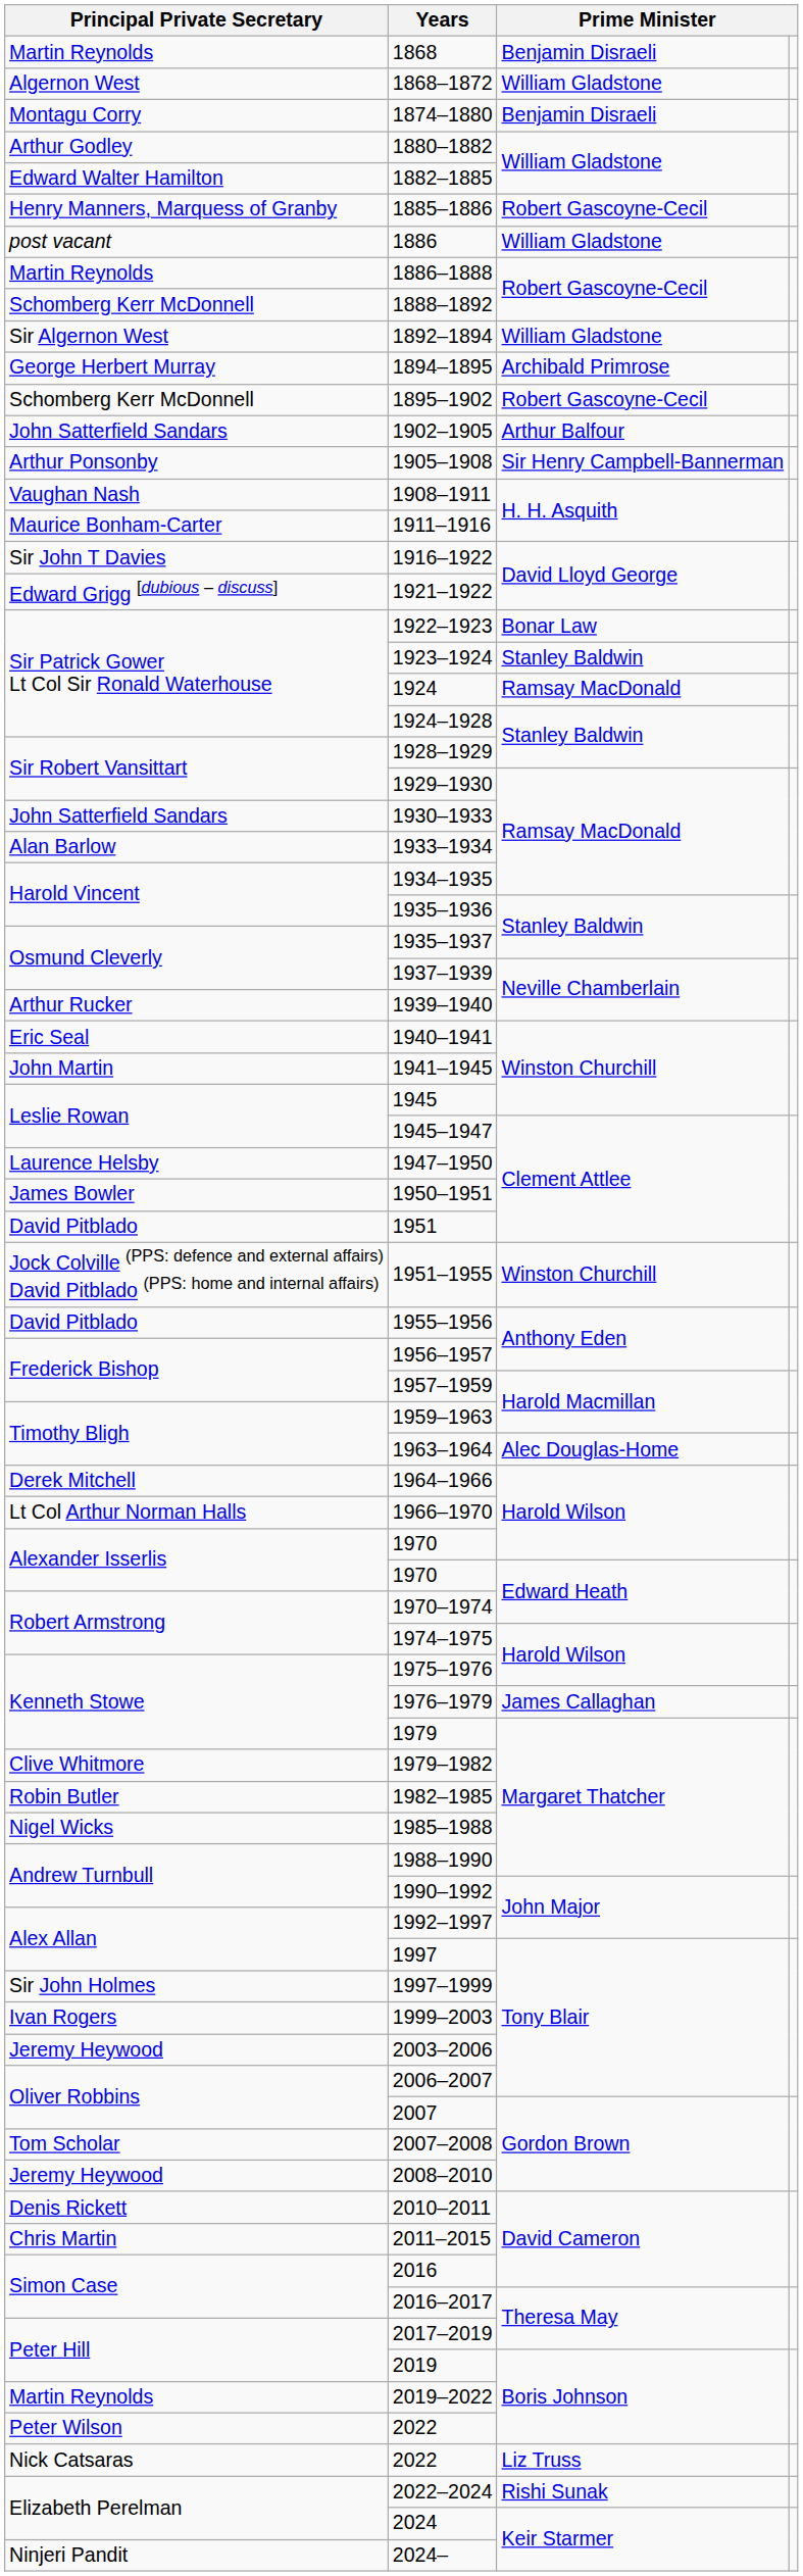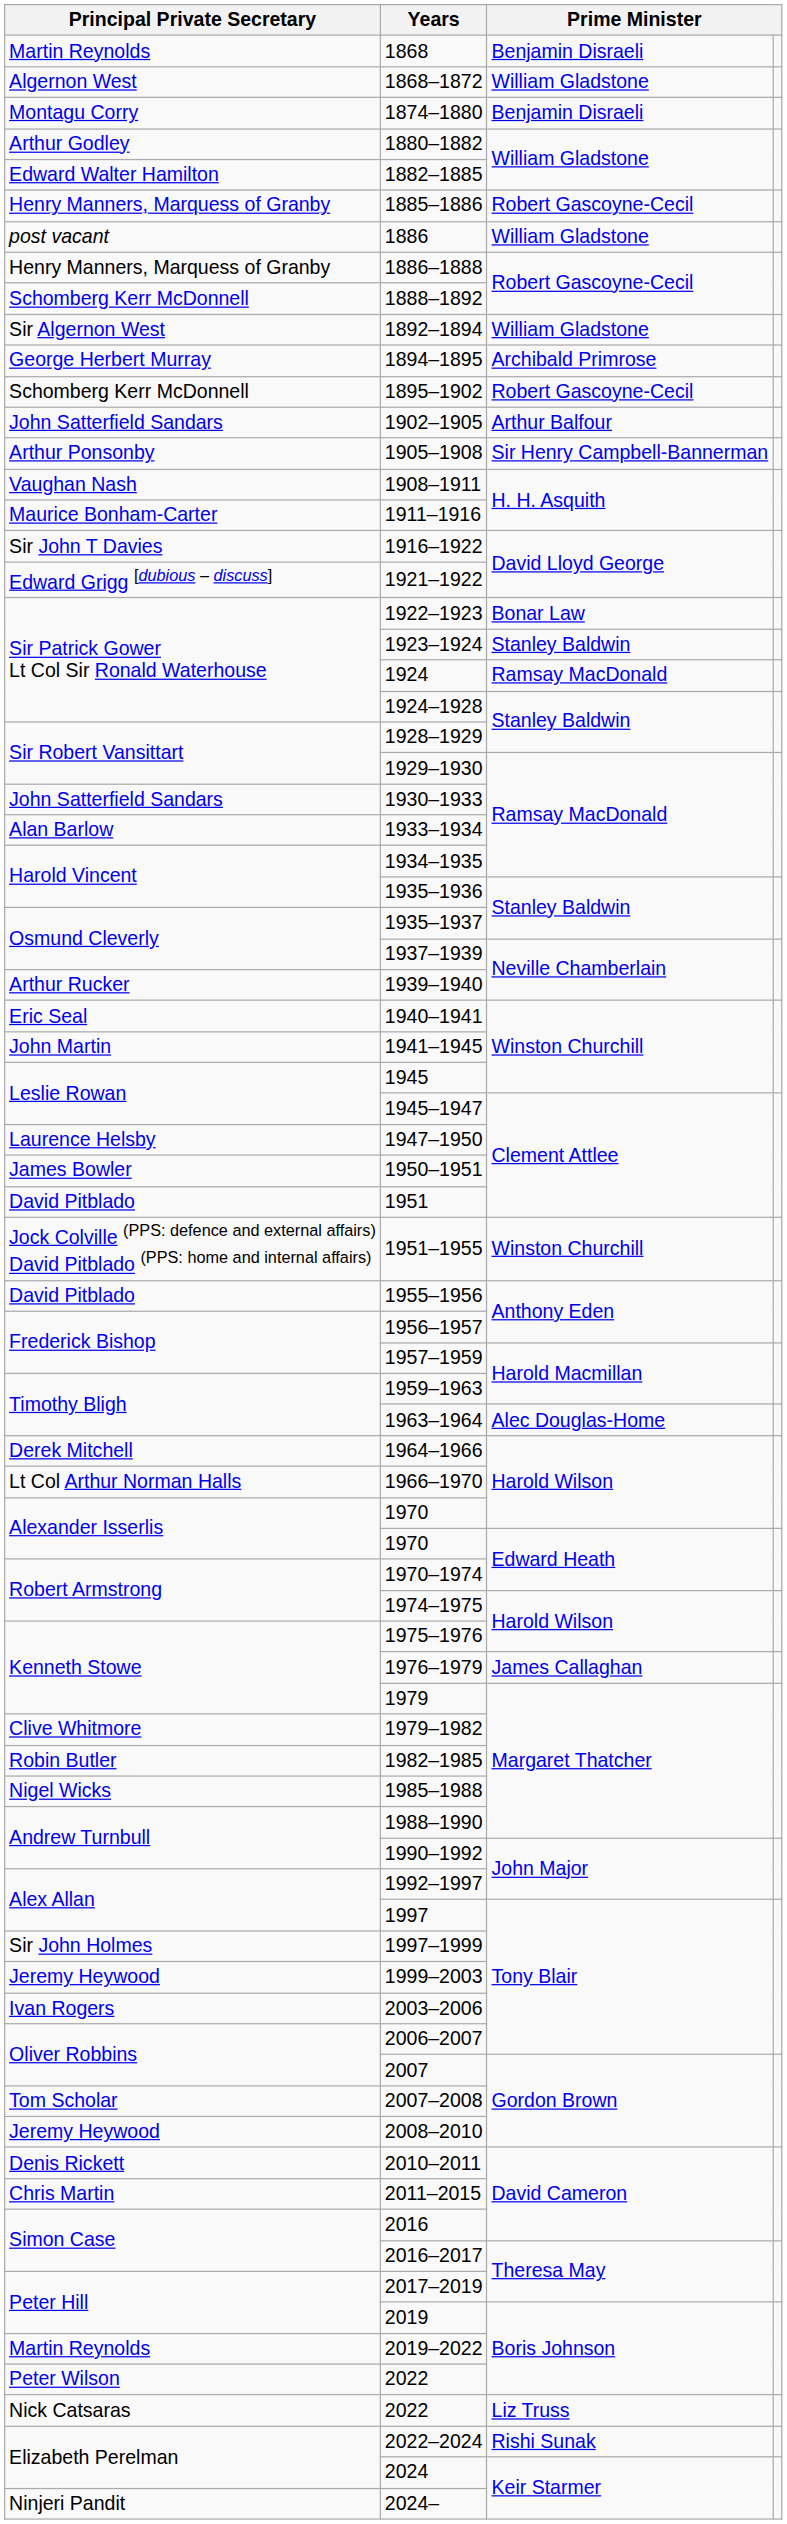 <table class="wikitable">
 <tr>
 <th>Principal Private Secretary</th>
 <th>Years</th>
 <th colspan="2">Prime Minister</th>
 </tr>
 <tr>
 <td><a href='#'>Martin Reynolds</a></td>
 <td>1868</td>
 <td><a href='#'>Benjamin Disraeli</a></td>
 <td style="background-color: "></td>
 </tr>
 <tr>
 <td><a href='#'>Algernon West</a></td>
 <td>1868–1872</td>
 <td><a href='#'>William Gladstone</a></td>
 <td style="background-color: "></td>
 </tr>
 <tr>
 <td><a href='#'>Montagu Corry</a></td>
 <td>1874–1880</td>
 <td><a href='#'>Benjamin Disraeli</a></td>
 <td style="background-color: "></td>
 </tr>
 <tr>
 <td><a href='#'>Arthur Godley</a></td>
 <td>1880–1882</td>
 <td rowspan="2"><a href='#'>William Gladstone</a></td>
 <td rowspan="2" style="background-color: "></td>
 </tr>
 <tr>
 <td><a href='#'>Edward Walter Hamilton</a></td>
 <td>1882–1885</td>
 </tr>
 <tr>
 <td><a href='#'>Henry Manners, Marquess of Granby</a></td>
 <td>1885–1886</td>
 <td><a href='#'>Robert Gascoyne-Cecil</a></td>
 <td style="background-color: "></td>
 </tr>
 <tr>
 <td><em>post vacant</em></td>
 <td>1886</td>
 <td><a href='#'>William Gladstone</a></td>
 <td style="background-color: "></td>
 </tr>
 <tr>
-<td><a href='#'>Martin Reynolds</a></td>
+<td>Henry Manners, Marquess of Granby</td>
 <td>1886–1888</td>
 <td rowspan="2"><a href='#'>Robert Gascoyne-Cecil</a></td>
 <td rowspan="2" style="background-color: "></td>
 </tr>
 <tr>
 <td><a href='#'>Schomberg Kerr McDonnell</a></td>
 <td>1888–1892</td>
 </tr>
 <tr>
 <td>Sir <a href='#'>Algernon West</a></td>
 <td>1892–1894</td>
 <td><a href='#'>William Gladstone</a></td>
 <td style="background-color: "></td>
 </tr>
 <tr>
 <td><a href='#'>George Herbert Murray</a></td>
 <td>1894–1895</td>
 <td><a href='#'>Archibald Primrose</a></td>
 <td style="background-color: "></td>
 </tr>
 <tr>
 <td>Schomberg Kerr McDonnell</td>
 <td>1895–1902</td>
 <td><a href='#'>Robert Gascoyne-Cecil</a></td>
 <td style="background-color: "></td>
 </tr>
 <tr>
 <td><a href='#'>John Satterfield Sandars</a></td>
 <td>1902–1905</td>
 <td><a href='#'>Arthur Balfour</a></td>
 <td style="background-color: "></td>
 </tr>
 <tr>
 <td><a href='#'>Arthur Ponsonby</a></td>
 <td>1905–1908</td>
 <td><a href='#'>Sir Henry Campbell-Bannerman</a></td>
 <td style="background-color: "></td>
 </tr>
 <tr>
 <td><a href='#'>Vaughan Nash</a></td>
 <td>1908–1911</td>
 <td rowspan="2"><a href='#'>H. H. Asquith</a></td>
 <td rowspan="2" style="background-color: "></td>
 </tr>
 <tr>
 <td><a href='#'>Maurice Bonham-Carter</a></td>
 <td>1911–1916</td>
 </tr>
 <tr>
 <td>Sir <a href='#'>John T Davies</a></td>
 <td>1916–1922</td>
 <td rowspan="2"><a href='#'>David Lloyd George</a></td>
 <td rowspan="2" style="background-color: "></td>
 </tr>
 <tr>
 <td><a href='#'>Edward Grigg</a> <sup>[<em><a href='#'>dubious</a> – <a href='#'>discuss</a></em>]</sup></td>
 <td>1921–1922</td>
 </tr>
 <tr>
 <td rowspan="4"><a href='#'>Sir Patrick Gower</a> <br> Lt Col Sir <a href='#'>Ronald Waterhouse</a></td>
 <td>1922–1923</td>
 <td><a href='#'>Bonar Law</a></td>
 <td style="background-color: "></td>
 </tr>
 <tr>
 <td>1923–1924</td>
 <td><a href='#'>Stanley Baldwin</a></td>
 <td style="background-color: "></td>
 </tr>
 <tr>
 <td>1924</td>
 <td><a href='#'>Ramsay MacDonald</a></td>
 <td style="background-color: "></td>
 </tr>
 <tr>
 <td>1924–1928</td>
 <td rowspan="2"><a href='#'>Stanley Baldwin</a></td>
 <td rowspan="2" style="background-color: "></td>
 </tr>
 <tr>
 <td rowspan="2"><a href='#'>Sir Robert Vansittart</a></td>
 <td>1928–1929</td>
 </tr>
 <tr>
 <td>1929–1930</td>
 <td rowspan="4"><a href='#'>Ramsay MacDonald</a></td>
 <td rowspan="4" style="background-color: "></td>
 </tr>
 <tr>
 <td><a href='#'>John Satterfield Sandars</a></td>
 <td>1930–1933</td>
 </tr>
 <tr>
 <td><a href='#'>Alan Barlow</a></td>
 <td>1933–1934</td>
 </tr>
 <tr>
 <td rowspan="2"><a href='#'>Harold Vincent</a></td>
 <td>1934–1935</td>
 </tr>
 <tr>
 <td>1935–1936</td>
 <td rowspan="2"><a href='#'>Stanley Baldwin</a></td>
 <td rowspan="2" style="background-color: "></td>
 </tr>
 <tr>
 <td rowspan="2"><a href='#'>Osmund Cleverly</a></td>
 <td>1935–1937</td>
 </tr>
 <tr>
 <td>1937–1939</td>
 <td rowspan="2"><a href='#'>Neville Chamberlain</a></td>
 <td rowspan="2" style="background-color: "></td>
 </tr>
 <tr>
 <td><a href='#'>Arthur Rucker</a></td>
 <td>1939–1940</td>
 </tr>
 <tr>
 <td><a href='#'>Eric Seal</a></td>
 <td>1940–1941</td>
 <td rowspan="3"><a href='#'>Winston Churchill</a></td>
 <td rowspan="3" style="background-color: "></td>
 </tr>
 <tr>
 <td><a href='#'>John Martin</a></td>
 <td>1941–1945</td>
 </tr>
 <tr>
 <td rowspan="2"><a href='#'>Leslie Rowan</a></td>
 <td>1945</td>
 </tr>
 <tr>
 <td>1945–1947</td>
 <td rowspan="4"><a href='#'>Clement Attlee</a></td>
 <td rowspan="4" style="background-color: "></td>
 </tr>
 <tr>
 <td><a href='#'>Laurence Helsby</a></td>
 <td>1947–1950</td>
 </tr>
 <tr>
 <td><a href='#'>James Bowler</a></td>
 <td>1950–1951</td>
 </tr>
 <tr>
 <td><a href='#'>David Pitblado</a></td>
 <td>1951</td>
 </tr>
 <tr>
 <td><a href='#'>Jock Colville</a> <sup>(PPS: defence and external affairs)</sup><br><a href='#'>David Pitblado</a> <sup>(PPS: home and internal affairs)</sup></td>
 <td>1951–1955</td>
 <td><a href='#'>Winston Churchill</a></td>
 <td style="background-color: "></td>
 </tr>
 <tr>
 <td><a href='#'>David Pitblado</a></td>
 <td>1955–1956</td>
 <td rowspan="2"><a href='#'>Anthony Eden</a></td>
 <td rowspan="2" style="background-color: "></td>
 </tr>
 <tr>
 <td rowspan="2"><a href='#'>Frederick Bishop</a></td>
 <td>1956–1957</td>
 </tr>
 <tr>
 <td>1957–1959</td>
 <td rowspan="2"><a href='#'>Harold Macmillan</a></td>
 <td rowspan="2" style="background-color: "></td>
 </tr>
 <tr>
 <td rowspan="2"><a href='#'>Timothy Bligh</a></td>
 <td>1959–1963</td>
 </tr>
 <tr>
 <td>1963–1964</td>
 <td><a href='#'>Alec Douglas-Home</a></td>
 <td style="background-color: "></td>
 </tr>
 <tr>
 <td><a href='#'>Derek Mitchell</a></td>
 <td>1964–1966</td>
 <td rowspan="3"><a href='#'>Harold Wilson</a></td>
 <td rowspan="3" style="background-color: "></td>
 </tr>
 <tr>
 <td>Lt Col <a href='#'>Arthur Norman Halls</a></td>
 <td>1966–1970</td>
 </tr>
 <tr>
 <td rowspan="2"><a href='#'>Alexander Isserlis</a></td>
 <td>1970</td>
 </tr>
 <tr>
 <td>1970</td>
 <td rowspan="2"><a href='#'>Edward Heath</a></td>
 <td rowspan="2" style="background-color: "></td>
 </tr>
 <tr>
 <td rowspan="2"><a href='#'>Robert Armstrong</a></td>
 <td>1970–1974</td>
 </tr>
 <tr>
 <td>1974–1975</td>
 <td rowspan="2"><a href='#'>Harold Wilson</a></td>
 <td rowspan="2" style="background-color: "></td>
 </tr>
 <tr>
 <td rowspan="3"><a href='#'>Kenneth Stowe</a></td>
 <td>1975–1976</td>
 </tr>
 <tr>
 <td>1976–1979</td>
 <td><a href='#'>James Callaghan</a></td>
 <td style="background-color: "></td>
 </tr>
 <tr>
 <td>1979</td>
 <td rowspan="5"><a href='#'>Margaret Thatcher</a></td>
 <td rowspan="5" style="background-color: "></td>
 </tr>
 <tr>
 <td><a href='#'>Clive Whitmore</a></td>
 <td>1979–1982</td>
 </tr>
 <tr>
 <td><a href='#'>Robin Butler</a></td>
 <td>1982–1985</td>
 </tr>
 <tr>
 <td><a href='#'>Nigel Wicks</a></td>
 <td>1985–1988</td>
 </tr>
 <tr>
 <td rowspan="2"><a href='#'>Andrew Turnbull</a></td>
 <td>1988–1990</td>
 </tr>
 <tr>
 <td>1990–1992</td>
 <td rowspan="2"><a href='#'>John Major</a></td>
 <td rowspan="2" style="background-color: "></td>
 </tr>
 <tr>
 <td rowspan="2"><a href='#'>Alex Allan</a></td>
 <td>1992–1997</td>
 </tr>
 <tr>
 <td>1997</td>
 <td rowspan="5"><a href='#'>Tony Blair</a></td>
 <td rowspan="5" style="background-color: "></td>
 </tr>
 <tr>
 <td>Sir <a href='#'>John Holmes</a></td>
 <td>1997–1999</td>
 </tr>
 <tr>
-<td><a href='#'>Ivan Rogers</a></td>
+<td><a href='#'>Jeremy Heywood</a></td>
 <td>1999–2003</td>
 </tr>
 <tr>
-<td><a href='#'>Jeremy Heywood</a></td>
+<td><a href='#'>Ivan Rogers</a></td>
 <td>2003–2006</td>
 </tr>
 <tr>
 <td rowspan="2"><a href='#'>Oliver Robbins</a></td>
 <td>2006–2007</td>
 </tr>
 <tr>
 <td>2007</td>
 <td rowspan="3"><a href='#'>Gordon Brown</a></td>
 <td rowspan="3" style="background-color: "></td>
 </tr>
 <tr>
 <td><a href='#'>Tom Scholar</a></td>
 <td>2007–2008</td>
 </tr>
 <tr>
 <td><a href='#'>Jeremy Heywood</a></td>
 <td>2008–2010</td>
 </tr>
 <tr>
 <td><a href='#'>Denis Rickett</a></td>
 <td>2010–2011</td>
 <td rowspan="3"><a href='#'>David Cameron</a></td>
 <td rowspan="3" style="background-color: "></td>
 </tr>
 <tr>
 <td><a href='#'>Chris Martin</a></td>
 <td>2011–2015</td>
 </tr>
 <tr>
 <td rowspan="2"><a href='#'>Simon Case</a></td>
 <td>2016</td>
 </tr>
 <tr>
 <td>2016–2017</td>
 <td rowspan="2"><a href='#'>Theresa May</a></td>
 <td rowspan="2" style="background-color: "></td>
 </tr>
 <tr>
 <td rowspan="2"><a href='#'>Peter Hill</a></td>
 <td>2017–2019</td>
 </tr>
 <tr>
 <td>2019</td>
 <td rowspan="3"><a href='#'>Boris Johnson</a></td>
 <td rowspan="3" style="background-color: "></td>
 </tr>
 <tr>
 <td><a href='#'>Martin Reynolds</a></td>
 <td>2019–2022</td>
 </tr>
 <tr>
 <td><a href='#'>Peter Wilson</a></td>
 <td>2022</td>
 </tr>
 <tr>
 <td>Nick Catsaras</td>
 <td>2022</td>
 <td><a href='#'>Liz Truss</a></td>
 <td style="background-color: "></td>
 </tr>
 <tr>
 <td rowspan="2">Elizabeth Perelman</td>
 <td>2022–2024</td>
 <td><a href='#'>Rishi Sunak</a></td>
 <td style="background-color: "></td>
 </tr>
 <tr>
 <td>2024</td>
 <td rowspan="2"><a href='#'>Keir Starmer</a></td>
 <td rowspan="2" style="background-color: "></td>
 </tr>
 <tr>
 <td>Ninjeri Pandit</td>
 <td>2024–</td>
 </tr>
 </table>
